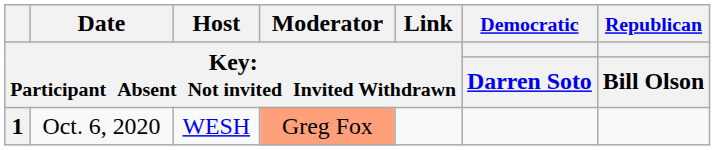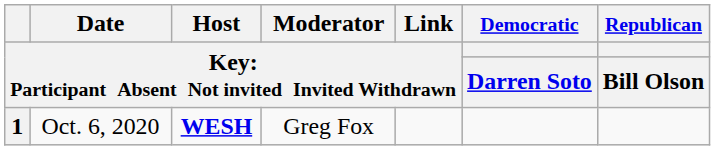 <table class="wikitable" style="text-align:center;">
 <tr>
 <th scope="col"></th>
 <th scope="col">Date</th>
 <th scope="col">Host</th>
 <th scope="col">Moderator</th>
 <th scope="col">Link</th>
 <th scope="col"><small><a href='#'>Democratic</a></small></th>
 <th scope="col"><small><a href='#'>Republican</a></small></th>
 </tr>
 <tr>
 <th colspan="5" rowspan="2">Key:<br> <small>Participant </small>  <small>Absent </small>  <small>Not invited </small>  <small>Invited  Withdrawn</small></th>
 <th scope="col" style="background:"></th>
 <th scope="col" style="background:"></th>
 </tr>
 <tr>
 <th scope="col"><a href='#'>Darren Soto</a></th>
 <th scope="col">Bill Olson</th>
 </tr>
 <tr>
 <th>1</th>
 <td style="white-space:nowrap;">Oct. 6, 2020</td>
-<td style="white-space:nowrap;"><a href='#'>WESH</a></td>
-<td style="background: lightsalmon; white-space:nowrap;">Greg Fox</td>
+<td style="white-space:nowrap;"><strong><a href='#'>WESH</a></strong></td>
+<td style="white-space:nowrap;">Greg Fox</td>
 <td style="white-space:nowrap;"></td>
 <td></td>
 <td></td>
 </tr>
 </table>
